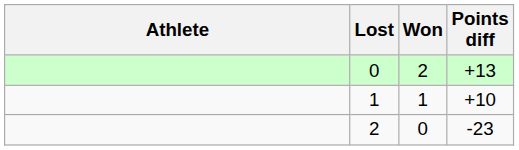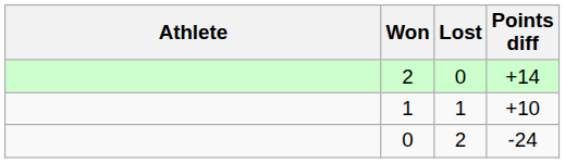 <table class="wikitable">
 <tr>
 <th style="width:18em">Athlete</th>
+<th>Won</th>
 <th>Lost</th>
-<th>Won</th>
 <th>Points<br>diff</th>
 </tr>
 <tr bgcolor="#ccffcc">
 <td></td>
+<td align="center">2</td>
 <td align="center">0</td>
-<td align="center">2</td>
-<td align="center">+13</td>
+<td align="center">+14</td>
 </tr>
 <tr>
 <td></td>
 <td align="center">1</td>
 <td align="center">1</td>
 <td align="center">+10</td>
 </tr>
 <tr>
 <td></td>
+<td align="center">0</td>
 <td align="center">2</td>
-<td align="center">0</td>
-<td align="center">-23</td>
+<td align="center">-24</td>
 </tr>
 </table>
